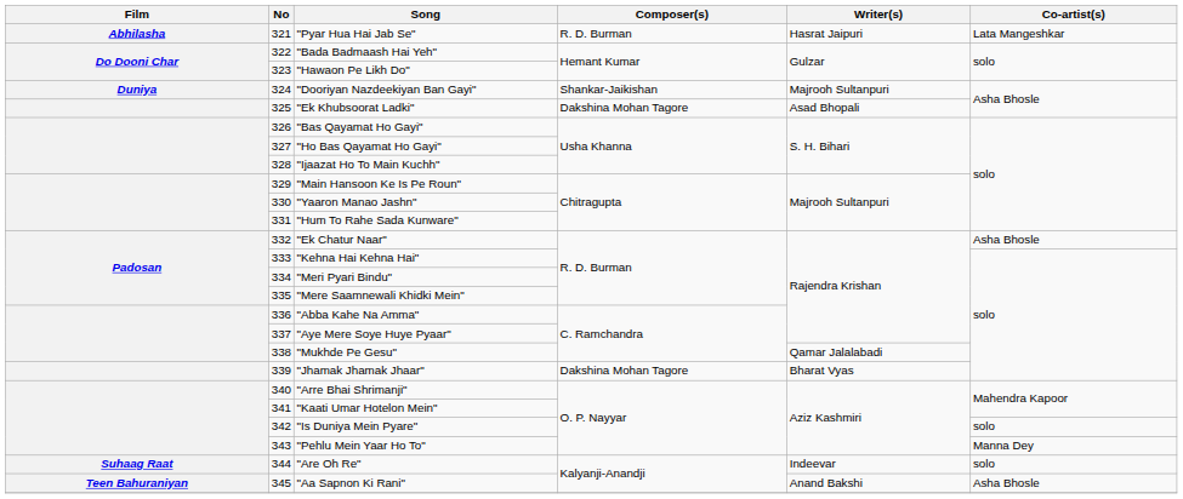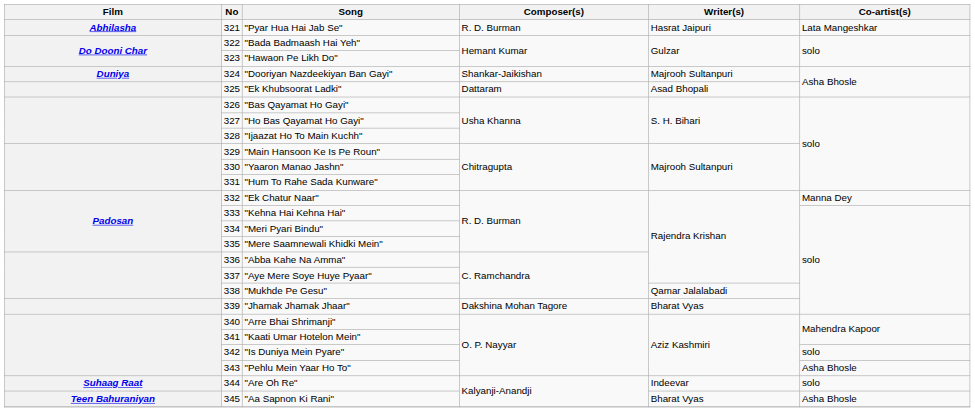 <table class="wikitable plainrowheaders" width="100%" textcolor:#000;">
 <tr style="background:#b0e0e66;">
 <th scope="col" width=23%><strong>Film</strong></th>
 <th><strong>No</strong></th>
 <th scope="col" width=23%><strong>Song</strong></th>
 <th scope="col" width=20%><strong>Composer(s)</strong></th>
 <th scope="col" width=16%><strong>Writer(s)</strong></th>
 <th scope="col" width=18%><strong>Co-artist(s)</strong></th>
 </tr>
 <tr>
 <th><em><a href='#'>Abhilasha</a></em></th>
 <td>321</td>
 <td>"Pyar Hua Hai Jab Se"</td>
 <td>R. D. Burman</td>
 <td>Hasrat Jaipuri</td>
 <td>Lata Mangeshkar</td>
 </tr>
 <tr>
 <th rowspan=2><em><a href='#'>Do Dooni Char</a></em></th>
 <td>322</td>
 <td>"Bada Badmaash Hai Yeh"</td>
 <td rowspan=2>Hemant Kumar</td>
 <td rowspan=2>Gulzar</td>
 <td rowspan=2>solo</td>
 </tr>
 <tr>
 <td>323</td>
 <td>"Hawaon Pe Likh Do"</td>
 </tr>
 <tr>
 <th><em><a href='#'>Duniya</a></em></th>
 <td>324</td>
 <td>"Dooriyan Nazdeekiyan Ban Gayi"</td>
 <td>Shankar-Jaikishan</td>
 <td>Majrooh Sultanpuri</td>
 <td rowspan=2>Asha Bhosle</td>
 </tr>
 <tr>
 <th><em></em></th>
 <td>325</td>
 <td>"Ek Khubsoorat Ladki"</td>
-<td>Dakshina Mohan Tagore</td>
+<td>Dattaram</td>
 <td>Asad Bhopali</td>
 </tr>
 <tr>
 <th rowspan=3><em></em></th>
 <td>326</td>
 <td>"Bas Qayamat Ho Gayi"</td>
 <td rowspan=3>Usha Khanna</td>
 <td rowspan=3>S. H. Bihari</td>
 <td rowspan=6>solo</td>
 </tr>
 <tr>
 <td>327</td>
 <td>"Ho Bas Qayamat Ho Gayi"</td>
 </tr>
 <tr>
 <td>328</td>
 <td>"Ijaazat Ho To Main Kuchh"</td>
 </tr>
 <tr>
 <th rowspan=3><em></em></th>
 <td>329</td>
 <td>"Main Hansoon Ke Is Pe Roun"</td>
 <td rowspan=3>Chitragupta</td>
 <td rowspan=3>Majrooh Sultanpuri</td>
 </tr>
 <tr>
 <td>330</td>
 <td>"Yaaron Manao Jashn"</td>
 </tr>
 <tr>
 <td>331</td>
 <td>"Hum To Rahe Sada Kunware"</td>
 </tr>
 <tr>
 <th rowspan=4><em><a href='#'>Padosan</a></em></th>
 <td>332</td>
 <td>"Ek Chatur Naar"</td>
 <td rowspan=4>R. D. Burman</td>
 <td rowspan=6>Rajendra Krishan</td>
-<td>Asha Bhosle</td>
+<td>Manna Dey</td>
 </tr>
 <tr>
 <td>333</td>
 <td>"Kehna Hai Kehna Hai"</td>
 <td rowspan=7>solo</td>
 </tr>
 <tr>
 <td>334</td>
 <td>"Meri Pyari Bindu"</td>
 </tr>
 <tr>
 <td>335</td>
 <td>"Mere Saamnewali Khidki Mein"</td>
 </tr>
 <tr>
 <th rowspan=3><em></em></th>
 <td>336</td>
 <td>"Abba Kahe Na Amma"</td>
 <td rowspan=3>C. Ramchandra</td>
 </tr>
 <tr>
 <td>337</td>
 <td>"Aye Mere Soye Huye Pyaar"</td>
 </tr>
 <tr>
 <td>338</td>
 <td>"Mukhde Pe Gesu"</td>
 <td>Qamar Jalalabadi</td>
 </tr>
 <tr>
 <th><em></em></th>
 <td>339</td>
 <td>"Jhamak Jhamak Jhaar"</td>
 <td>Dakshina Mohan Tagore</td>
 <td>Bharat Vyas</td>
 </tr>
 <tr>
 <th rowspan=4><em></em></th>
 <td>340</td>
 <td>"Arre Bhai Shrimanji"</td>
 <td rowspan=4>O. P. Nayyar</td>
 <td rowspan=4>Aziz Kashmiri</td>
 <td rowspan=2>Mahendra Kapoor</td>
 </tr>
 <tr>
 <td>341</td>
 <td>"Kaati Umar Hotelon Mein"</td>
 </tr>
 <tr>
 <td>342</td>
 <td>"Is Duniya Mein Pyare"</td>
 <td>solo</td>
 </tr>
 <tr>
 <td>343</td>
 <td>"Pehlu Mein Yaar Ho To"</td>
-<td>Manna Dey</td>
+<td>Asha Bhosle</td>
 </tr>
 <tr>
 <th><em><a href='#'>Suhaag Raat</a></em></th>
 <td>344</td>
 <td>"Are Oh Re"</td>
 <td rowspan=2>Kalyanji-Anandji</td>
 <td>Indeevar</td>
 <td>solo</td>
 </tr>
 <tr>
 <th><em><a href='#'>Teen Bahuraniyan</a></em></th>
 <td>345</td>
 <td>"Aa Sapnon Ki Rani"</td>
-<td>Anand Bakshi</td>
+<td>Bharat Vyas</td>
 <td>Asha Bhosle</td>
 </tr>
 <tr>
 </tr>
 </table>
